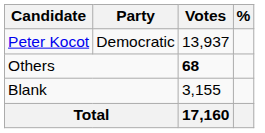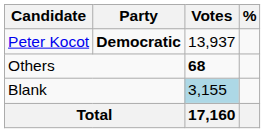 <table class="wikitable">
 <tr>
 <th>Candidate</th>
 <th>Party</th>
 <th>Votes</th>
 <th>%</th>
 </tr>
 <tr>
 <td><a href='#'>Peter Kocot</a></td>
-<td>Democratic</td>
+<td><strong>Democratic</strong></td>
 <td>13,937</td>
 <td></td>
 </tr>
 <tr>
 <td colspan = 2>Others</td>
 <td><strong>68</strong></td>
 <td></td>
 </tr>
 <tr>
 <td colspan = 2>Blank</td>
-<td>3,155</td>
+<td style="background: lightblue;">3,155</td>
 <td></td>
 </tr>
 <tr>
 <th colspan = 2>Total</th>
 <th>17,160</th>
 <th></th>
 </tr>
 </table>
